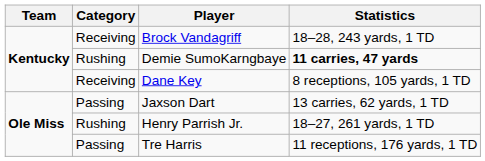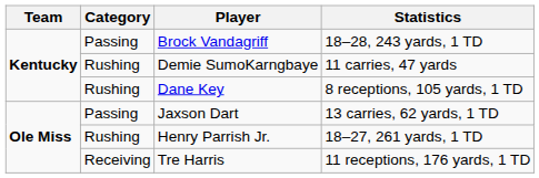 <table class="wikitable" style="float: right;">
 <tr>
 <th>Team</th>
 <th>Category</th>
 <th>Player</th>
 <th>Statistics</th>
 </tr>
 <tr>
 <td rowspan=3><strong>Kentucky</strong></td>
-<td>Receiving</td>
+<td>Passing</td>
 <td><a href='#'>Brock Vandagriff</a></td>
 <td>18–28, 243 yards, 1 TD</td>
 </tr>
 <tr>
 <td>Rushing</td>
 <td>Demie SumoKarngbaye</td>
-<td><strong>11 carries, 47 yards</strong></td>
+<td>11 carries, 47 yards</td>
 </tr>
 <tr>
-<td>Receiving</td>
+<td>Rushing</td>
 <td><a href='#'>Dane Key</a></td>
 <td>8 receptions, 105 yards, 1 TD</td>
 </tr>
 <tr>
 <td rowspan=3><strong>Ole Miss</strong></td>
 <td>Passing</td>
 <td>Jaxson Dart</td>
 <td>13 carries, 62 yards, 1 TD</td>
 </tr>
 <tr>
 <td>Rushing</td>
 <td>Henry Parrish Jr.</td>
 <td>18–27, 261 yards, 1 TD</td>
 </tr>
 <tr>
-<td>Passing</td>
+<td>Receiving</td>
 <td>Tre Harris</td>
 <td>11 receptions, 176 yards, 1 TD</td>
 </tr>
 </table>
